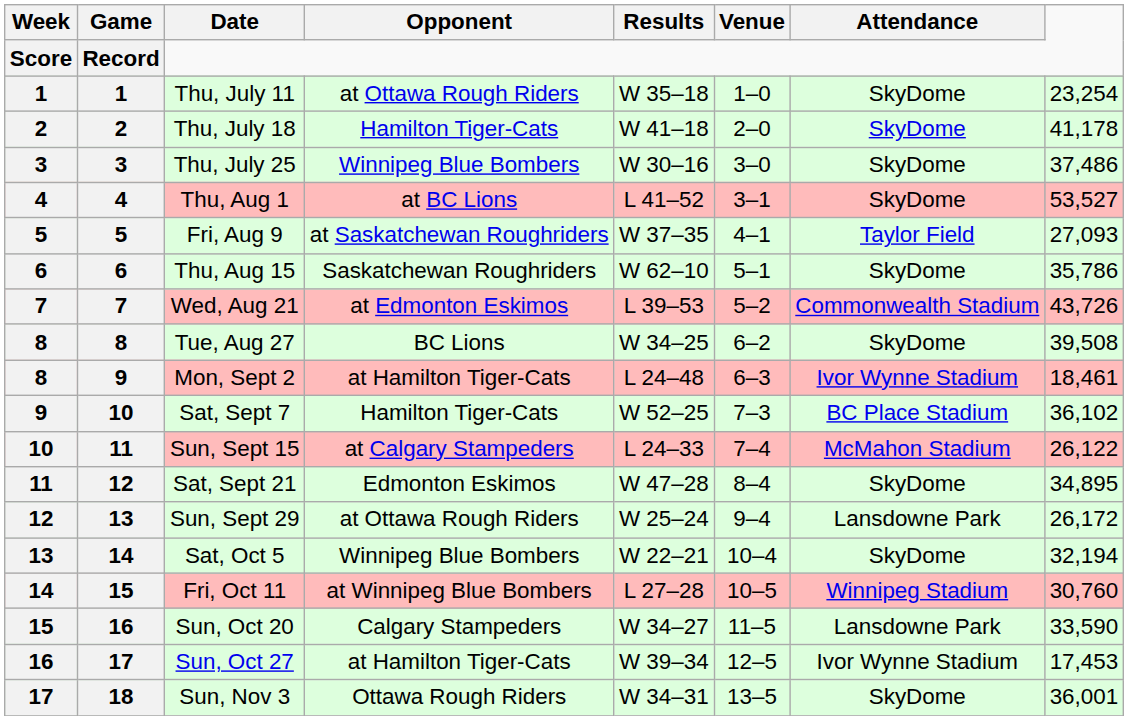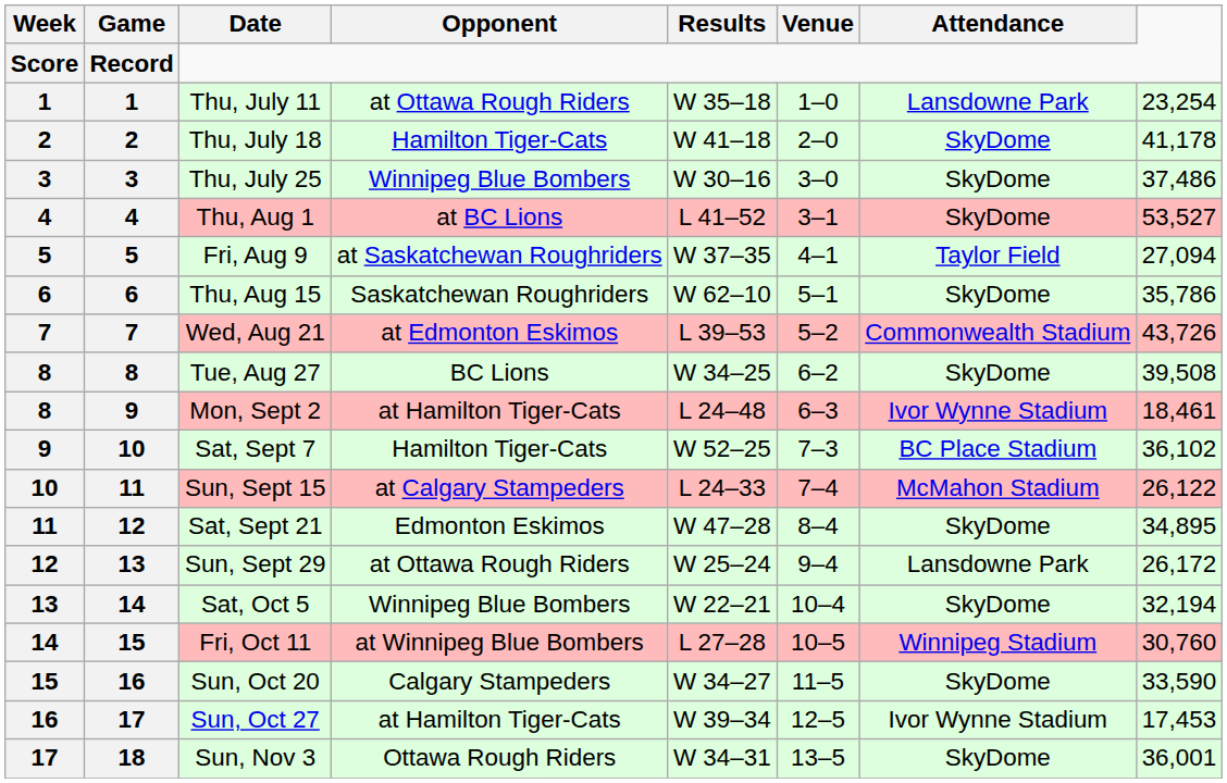 <table class="wikitable" style="text-align:center">
 <tr>
 <th>Week</th>
 <th>Game</th>
 <th>Date</th>
 <th>Opponent</th>
 <th>Results</th>
 <th>Venue</th>
 <th>Attendance</th>
 </tr>
 <tr>
 <th>Score</th>
 <th>Record</th>
 </tr>
 <tr style="background:#ddffdd">
 <th>1</th>
 <th>1</th>
 <td>Thu, July 11</td>
 <td>at <a href='#'>Ottawa Rough Riders</a></td>
 <td>W 35–18</td>
 <td>1–0</td>
-<td>SkyDome</td>
+<td><a href='#'>Lansdowne Park</a></td>
 <td>23,254</td>
 </tr>
 <tr style="background:#ddffdd">
 <th>2</th>
 <th>2</th>
 <td>Thu, July 18</td>
 <td><a href='#'>Hamilton Tiger-Cats</a></td>
 <td>W 41–18</td>
 <td>2–0</td>
 <td><a href='#'>SkyDome</a></td>
 <td>41,178</td>
 </tr>
 <tr style="background:#ddffdd">
 <th>3</th>
 <th>3</th>
 <td>Thu, July 25</td>
 <td><a href='#'>Winnipeg Blue Bombers</a></td>
 <td>W 30–16</td>
 <td>3–0</td>
 <td>SkyDome</td>
 <td>37,486</td>
 </tr>
 <tr style="background:#ffbbbb">
 <th>4</th>
 <th>4</th>
 <td>Thu, Aug 1</td>
 <td>at <a href='#'>BC Lions</a></td>
 <td>L 41–52 </td>
 <td>3–1</td>
 <td>SkyDome</td>
 <td>53,527</td>
 </tr>
 <tr style="background:#ddffdd">
 <th>5</th>
 <th>5</th>
 <td>Fri, Aug 9</td>
 <td>at <a href='#'>Saskatchewan Roughriders</a></td>
 <td>W 37–35</td>
 <td>4–1</td>
 <td><a href='#'>Taylor Field</a></td>
-<td>27,093</td>
+<td>27,094</td>
 </tr>
 <tr style="background:#ddffdd">
 <th>6</th>
 <th>6</th>
 <td>Thu, Aug 15</td>
 <td>Saskatchewan Roughriders</td>
 <td>W 62–10</td>
 <td>5–1</td>
 <td>SkyDome</td>
 <td>35,786</td>
 </tr>
 <tr style="background:#ffbbbb">
 <th>7</th>
 <th>7</th>
 <td>Wed, Aug 21</td>
 <td>at <a href='#'>Edmonton Eskimos</a></td>
 <td>L 39–53</td>
 <td>5–2</td>
 <td><a href='#'>Commonwealth Stadium</a></td>
 <td>43,726</td>
 </tr>
 <tr style="background:#ddffdd">
 <th>8</th>
 <th>8</th>
 <td>Tue, Aug 27</td>
 <td>BC Lions</td>
 <td>W 34–25</td>
 <td>6–2</td>
 <td>SkyDome</td>
 <td>39,508</td>
 </tr>
 <tr style="background:#ffbbbb">
 <th>8</th>
 <th>9</th>
 <td>Mon, Sept 2</td>
 <td>at Hamilton Tiger-Cats</td>
 <td>L 24–48</td>
 <td>6–3</td>
 <td><a href='#'>Ivor Wynne Stadium</a></td>
 <td>18,461</td>
 </tr>
 <tr style="background:#ddffdd">
 <th>9</th>
 <th>10</th>
 <td>Sat, Sept 7</td>
 <td>Hamilton Tiger-Cats</td>
 <td>W 52–25</td>
 <td>7–3</td>
 <td><a href='#'>BC Place Stadium</a></td>
 <td>36,102</td>
 </tr>
 <tr style="background:#ffbbbb">
 <th>10</th>
 <th>11</th>
 <td>Sun, Sept 15</td>
 <td>at <a href='#'>Calgary Stampeders</a></td>
 <td>L 24–33</td>
 <td>7–4</td>
 <td><a href='#'>McMahon Stadium</a></td>
 <td>26,122</td>
 </tr>
 <tr style="background:#ddffdd">
 <th>11</th>
 <th>12</th>
 <td>Sat, Sept 21</td>
 <td>Edmonton Eskimos</td>
 <td>W 47–28</td>
 <td>8–4</td>
 <td>SkyDome</td>
 <td>34,895</td>
 </tr>
 <tr style="background:#ddffdd">
 <th>12</th>
 <th>13</th>
 <td>Sun, Sept 29</td>
 <td>at Ottawa Rough Riders</td>
 <td>W 25–24</td>
 <td>9–4</td>
 <td>Lansdowne Park</td>
 <td>26,172</td>
 </tr>
 <tr style="background:#ddffdd">
 <th>13</th>
 <th>14</th>
 <td>Sat, Oct 5</td>
 <td>Winnipeg Blue Bombers</td>
 <td>W 22–21</td>
 <td>10–4</td>
 <td>SkyDome</td>
 <td>32,194</td>
 </tr>
 <tr style="background:#ffbbbb">
 <th>14</th>
 <th>15</th>
 <td>Fri, Oct 11</td>
 <td>at Winnipeg Blue Bombers</td>
 <td>L 27–28</td>
 <td>10–5</td>
 <td><a href='#'>Winnipeg Stadium</a></td>
 <td>30,760</td>
 </tr>
 <tr style="background:#ddffdd">
 <th>15</th>
 <th>16</th>
 <td>Sun, Oct 20</td>
 <td>Calgary Stampeders</td>
 <td>W 34–27</td>
 <td>11–5</td>
-<td>Lansdowne Park</td>
+<td>SkyDome</td>
 <td>33,590</td>
 </tr>
 <tr style="background:#ddffdd">
 <th>16</th>
 <th>17</th>
 <td><a href='#'>Sun, Oct 27</a></td>
 <td>at Hamilton Tiger-Cats</td>
 <td>W 39–34</td>
 <td>12–5</td>
 <td>Ivor Wynne Stadium</td>
 <td>17,453</td>
 </tr>
 <tr style="background:#ddffdd">
 <th>17</th>
 <th>18</th>
 <td>Sun, Nov 3</td>
 <td>Ottawa Rough Riders</td>
 <td>W 34–31</td>
 <td>13–5</td>
 <td>SkyDome</td>
 <td>36,001</td>
 </tr>
 </table>
